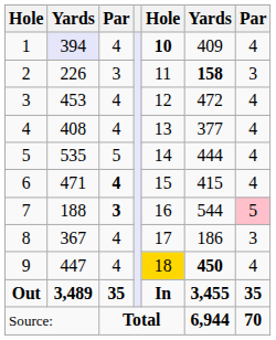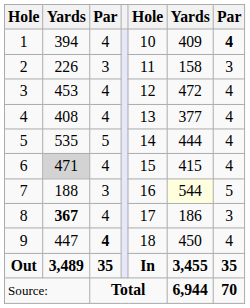 <table class="wikitable" style="text-align:center; font-size:100%;">
 <tr>
 <th>Hole</th>
 <th>Yards</th>
 <th>Par</th>
 <th></th>
 <th>Hole</th>
 <th>Yards</th>
 <th>Par</th>
 </tr>
 <tr>
 <td>1</td>
-<td style="background: lavender;">394</td>
+<td>394</td>
 <td>4</td>
 <td rowspan=10 style="background:#E6E8FA;"></td>
-<td><strong>10</strong></td>
+<td>10</td>
 <td>409</td>
-<td>4</td>
+<td><strong>4</strong></td>
 </tr>
 <tr>
 <td>2</td>
 <td>226</td>
 <td>3</td>
 <td>11</td>
-<td><strong>158</strong></td>
+<td>158</td>
 <td>3</td>
 </tr>
 <tr>
 <td>3</td>
 <td>453</td>
 <td>4</td>
 <td>12</td>
 <td>472</td>
 <td>4</td>
 </tr>
 <tr>
 <td>4</td>
 <td>408</td>
 <td>4</td>
 <td>13</td>
 <td>377</td>
 <td>4</td>
 </tr>
 <tr>
 <td>5</td>
 <td>535</td>
 <td>5</td>
 <td>14</td>
 <td>444</td>
 <td>4</td>
 </tr>
 <tr>
 <td>6</td>
-<td>471</td>
-<td><strong>4</strong></td>
+<td style="background: lightgrey;">471</td>
+<td>4</td>
 <td>15</td>
 <td>415</td>
 <td>4</td>
 </tr>
 <tr>
 <td>7</td>
 <td>188</td>
-<td><strong>3</strong></td>
+<td>3</td>
 <td>16</td>
-<td>544</td>
-<td style="background: pink;">5</td>
+<td style="background: lightyellow;">544</td>
+<td>5</td>
 </tr>
 <tr>
 <td>8</td>
-<td>367</td>
+<td><strong>367</strong></td>
 <td>4</td>
 <td>17</td>
 <td>186</td>
 <td>3</td>
 </tr>
 <tr>
 <td>9</td>
 <td>447</td>
-<td>4</td>
-<td style="background: gold;">18</td>
-<td><strong>450</strong></td>
+<td><strong>4</strong></td>
+<td>18</td>
+<td>450</td>
 <td>4</td>
 </tr>
 <tr>
 <td><strong>Out</strong></td>
 <td><strong>3,489</strong></td>
 <td><strong>35</strong></td>
 <td><strong>In</strong></td>
 <td><strong>3,455</strong></td>
 <td><strong>35</strong></td>
 </tr>
 <tr>
 <td colspan=2 align=left><small>Source:</small></td>
 <td colspan=3><strong>Total</strong></td>
 <td><strong>6,944</strong></td>
 <td><strong>70</strong></td>
 </tr>
 </table>
